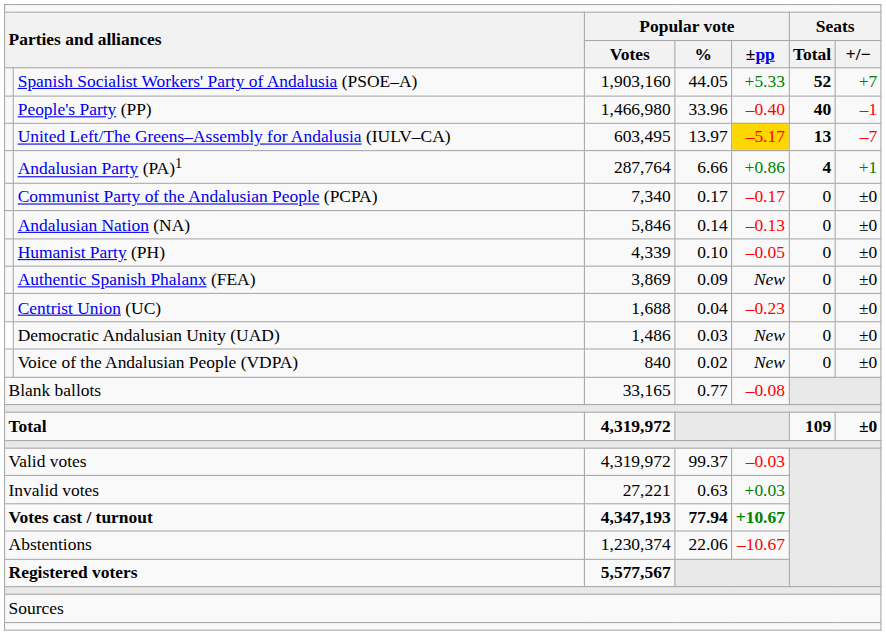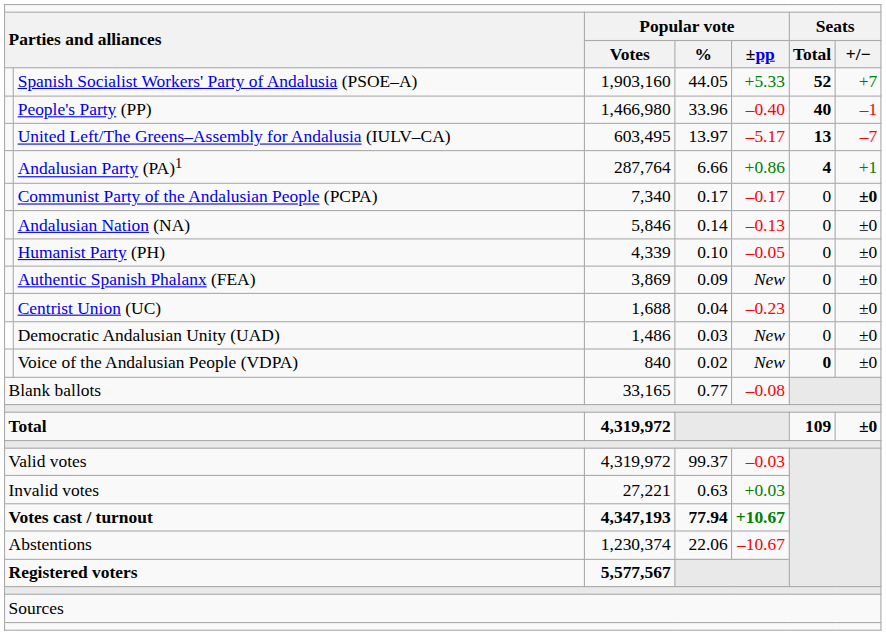 <table class="wikitable" style="text-align:right;">
 <tr>
 <td colspan="7"></td>
 </tr>
 <tr>
 <th style="text-align:left;" rowspan="2" colspan="2" width="525">Parties and alliances</th>
 <th colspan="3">Popular vote</th>
 <th colspan="2">Seats</th>
 </tr>
 <tr>
 <th width="75">Votes</th>
 <th width="45">%</th>
 <th width="45">±<a href='#'>pp</a></th>
 <th width="35">Total</th>
 <th width="35">+/−</th>
 </tr>
 <tr>
 <td width="1" style="color:inherit;background:"></td>
 <td align="left"><a href='#'>Spanish Socialist Workers' Party of Andalusia</a> (PSOE–A)</td>
 <td>1,903,160</td>
 <td>44.05</td>
 <td style="color:green;">+5.33</td>
 <td><strong>52</strong></td>
 <td style="color:green;">+7</td>
 </tr>
 <tr>
 <td style="color:inherit;background:"></td>
 <td align="left"><a href='#'>People's Party</a> (PP)</td>
 <td>1,466,980</td>
 <td>33.96</td>
 <td style="color:red;">–0.40</td>
 <td><strong>40</strong></td>
 <td style="color:red;">–1</td>
 </tr>
 <tr>
 <td style="color:inherit;background:"></td>
 <td align="left"><a href='#'>United Left/The Greens–Assembly for Andalusia</a> (IULV–CA)</td>
 <td>603,495</td>
 <td>13.97</td>
-<td style="background: gold; color:red;">–5.17</td>
+<td style="color:red;">–5.17</td>
 <td><strong>13</strong></td>
 <td style="color:red;">–7</td>
 </tr>
 <tr>
 <td style="color:inherit;background:"></td>
 <td align="left"><a href='#'>Andalusian Party</a> (PA)<sup>1</sup></td>
 <td>287,764</td>
 <td>6.66</td>
 <td style="color:green;">+0.86</td>
 <td><strong>4</strong></td>
 <td style="color:green;">+1</td>
 </tr>
 <tr>
 <td style="color:inherit;background:"></td>
 <td align="left"><a href='#'>Communist Party of the Andalusian People</a> (PCPA)</td>
 <td>7,340</td>
 <td>0.17</td>
 <td style="color:red;">–0.17</td>
 <td>0</td>
-<td>±0</td>
+<td><strong>±0</strong></td>
 </tr>
 <tr>
 <td style="color:inherit;background:"></td>
 <td align="left"><a href='#'>Andalusian Nation</a> (NA)</td>
 <td>5,846</td>
 <td>0.14</td>
 <td style="color:red;">–0.13</td>
 <td>0</td>
 <td>±0</td>
 </tr>
 <tr>
 <td style="color:inherit;background:"></td>
 <td align="left"><a href='#'>Humanist Party</a> (PH)</td>
 <td>4,339</td>
 <td>0.10</td>
 <td style="color:red;">–0.05</td>
 <td>0</td>
 <td>±0</td>
 </tr>
 <tr>
 <td style="color:inherit;background:"></td>
 <td align="left"><a href='#'>Authentic Spanish Phalanx</a> (FEA)</td>
 <td>3,869</td>
 <td>0.09</td>
 <td><em>New</em></td>
 <td>0</td>
 <td>±0</td>
 </tr>
 <tr>
 <td style="color:inherit;background:"></td>
 <td align="left"><a href='#'>Centrist Union</a> (UC)</td>
 <td>1,688</td>
 <td>0.04</td>
 <td style="color:red;">–0.23</td>
 <td>0</td>
 <td>±0</td>
 </tr>
 <tr>
 <td bgcolor="white"></td>
 <td align="left">Democratic Andalusian Unity (UAD)</td>
 <td>1,486</td>
 <td>0.03</td>
 <td><em>New</em></td>
 <td>0</td>
 <td>±0</td>
 </tr>
 <tr>
 <td style="color:inherit;background:"></td>
 <td align="left">Voice of the Andalusian People (VDPA)</td>
 <td>840</td>
 <td>0.02</td>
 <td><em>New</em></td>
-<td>0</td>
+<td><strong>0</strong></td>
 <td>±0</td>
 </tr>
 <tr>
 <td align="left" colspan="2">Blank ballots</td>
 <td>33,165</td>
 <td>0.77</td>
 <td style="color:red;">–0.08</td>
 <td bgcolor="#E9E9E9" colspan="2"></td>
 </tr>
 <tr>
 <td colspan="7" bgcolor="#E9E9E9"></td>
 </tr>
 <tr style="font-weight:bold;">
 <td align="left" colspan="2">Total</td>
 <td>4,319,972</td>
 <td bgcolor="#E9E9E9" colspan="2"></td>
 <td>109</td>
 <td>±0</td>
 </tr>
 <tr>
 <td colspan="7" bgcolor="#E9E9E9"></td>
 </tr>
 <tr>
 <td align="left" colspan="2">Valid votes</td>
 <td>4,319,972</td>
 <td>99.37</td>
 <td style="color:red;">–0.03</td>
 <td bgcolor="#E9E9E9" colspan="2" rowspan="5"></td>
 </tr>
 <tr>
 <td align="left" colspan="2">Invalid votes</td>
 <td>27,221</td>
 <td>0.63</td>
 <td style="color:green;">+0.03</td>
 </tr>
 <tr style="font-weight:bold;">
 <td align="left" colspan="2">Votes cast / turnout</td>
 <td>4,347,193</td>
 <td>77.94</td>
 <td style="color:green;">+10.67</td>
 </tr>
 <tr>
 <td align="left" colspan="2">Abstentions</td>
 <td>1,230,374</td>
 <td>22.06</td>
 <td style="color:red;">–10.67</td>
 </tr>
 <tr style="font-weight:bold;">
 <td align="left" colspan="2">Registered voters</td>
 <td>5,577,567</td>
 <td bgcolor="#E9E9E9" colspan="2"></td>
 </tr>
 <tr>
 <td colspan="7" bgcolor="#E9E9E9"></td>
 </tr>
 <tr>
 <td align="left" colspan="7">Sources</td>
 </tr>
 <tr>
 <td colspan="7" style="text-align:left; max-width:790px;"></td>
 </tr>
 </table>
